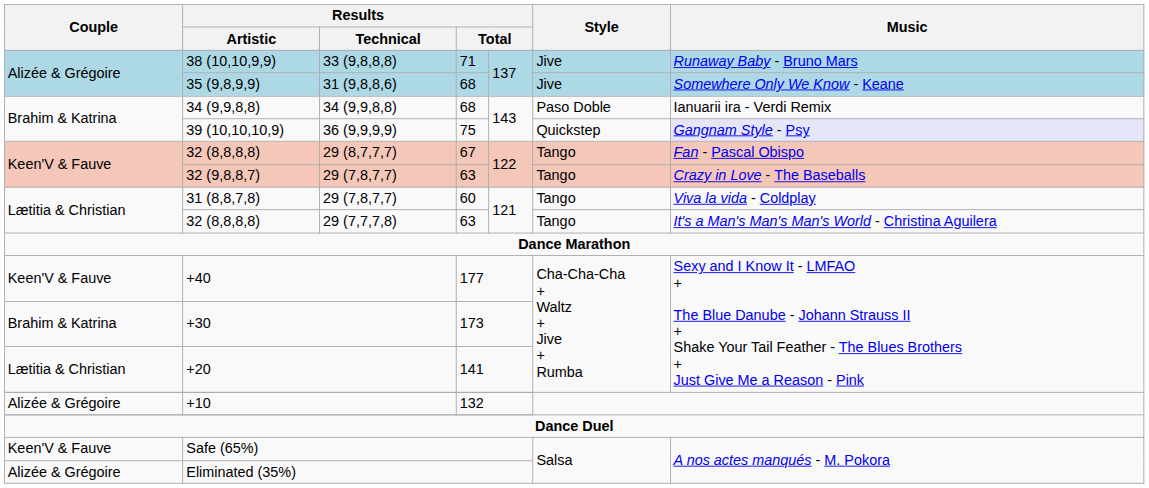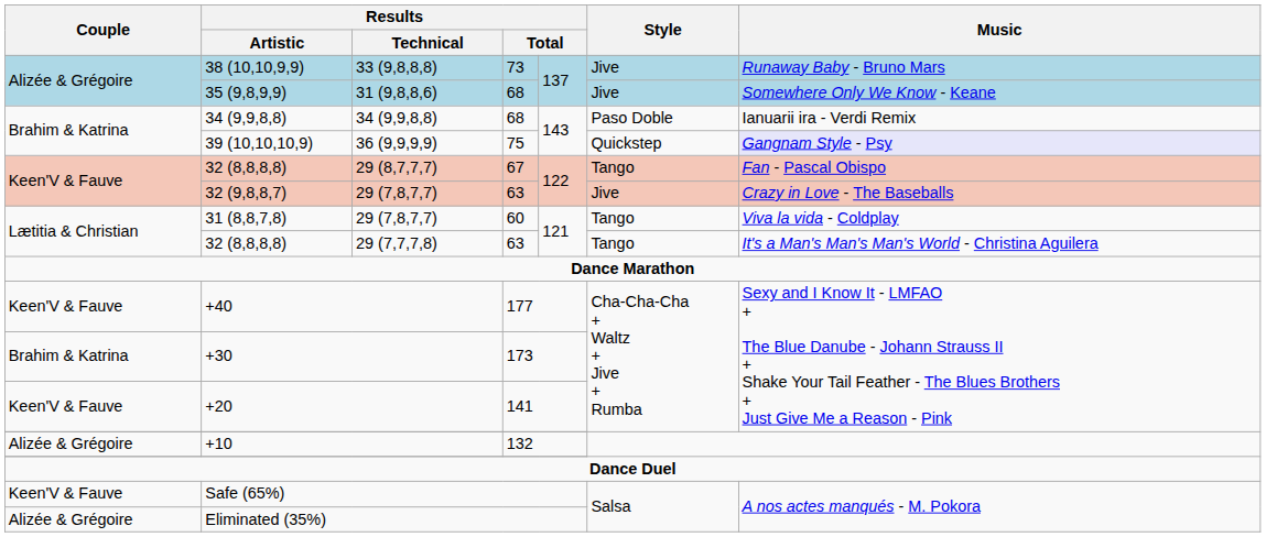 <table class="wikitable" style="width:80%;">
 <tr>
 <th rowspan="2">Couple</th>
 <th colspan=4>Results</th>
 <th rowspan="2">Style</th>
 <th rowspan="2">Music</th>
 </tr>
 <tr>
 <th style="width:12%;">Artistic</th>
 <th style="width:12%;">Technical</th>
 <th colspan="2">Total</th>
 </tr>
 <tr style="background: lightblue">
 <td rowspan="2">Alizée & Grégoire</td>
 <td>38 (10,10,9,9)</td>
 <td>33 (9,8,8,8)</td>
-<td>71</td>
+<td>73</td>
 <td rowspan="2">137</td>
 <td>Jive</td>
 <td><em><a href='#'>Runaway Baby</a></em> - <a href='#'>Bruno Mars</a></td>
 </tr>
 <tr style="background: lightblue">
 <td>35 (9,8,9,9)</td>
 <td>31 (9,8,8,6)</td>
 <td>68</td>
 <td>Jive</td>
 <td><em><a href='#'>Somewhere Only We Know</a></em> - <a href='#'>Keane</a></td>
 </tr>
 <tr>
 <td rowspan="2">Brahim & Katrina</td>
 <td>34 (9,9,8,8)</td>
 <td>34 (9,9,8,8)</td>
 <td>68</td>
 <td rowspan="2">143</td>
 <td>Paso Doble</td>
 <td>Ianuarii ira - Verdi  Remix</td>
 </tr>
 <tr>
 <td>39 (10,10,10,9)</td>
 <td>36 (9,9,9,9)</td>
 <td>75</td>
 <td>Quickstep</td>
 <td style="background: lavender;"><em><a href='#'>Gangnam Style</a></em> - <a href='#'>Psy</a></td>
 </tr>
 <tr style="background:#f4c7b8;">
 <td rowspan="2">Keen'V & Fauve</td>
 <td>32 (8,8,8,8)</td>
 <td>29 (8,7,7,7)</td>
 <td>67</td>
 <td rowspan="2">122</td>
 <td>Tango</td>
 <td><em><a href='#'>Fan</a></em> - <a href='#'>Pascal Obispo</a></td>
 </tr>
 <tr style="background:#f4c7b8;">
 <td>32 (9,8,8,7)</td>
 <td>29 (7,8,7,7)</td>
 <td>63</td>
-<td>Tango</td>
+<td>Jive</td>
 <td><em><a href='#'>Crazy in Love</a></em> - <a href='#'>The Baseballs</a></td>
 </tr>
 <tr>
 <td rowspan="2">Lætitia & Christian</td>
 <td>31 (8,8,7,8)</td>
 <td>29 (7,8,7,7)</td>
 <td>60</td>
 <td rowspan="2">121</td>
 <td>Tango</td>
 <td><em><a href='#'>Viva la vida</a></em> - <a href='#'>Coldplay</a></td>
 </tr>
 <tr>
 <td>32 (8,8,8,8)</td>
 <td>29 (7,7,7,8)</td>
 <td>63</td>
 <td>Tango</td>
 <td><em><a href='#'>It's a Man's Man's Man's World</a></em> - <a href='#'>Christina Aguilera</a></td>
 </tr>
 <tr>
 <td colspan=7  style="text-align:center;"><strong>Dance Marathon</strong></td>
 </tr>
 <tr>
 <td>Keen'V & Fauve</td>
 <td colspan="2">+40</td>
 <td colspan="2">177</td>
 <td rowspan=4>Cha-Cha-Cha<br>+<br>Waltz<br>+<br>Jive<br>+<br>Rumba</td>
 <td rowspan="4"><a href='#'>Sexy and I Know It</a> - <a href='#'>LMFAO</a><br>+<br><br><a href='#'>The Blue Danube</a> - <a href='#'>Johann Strauss II</a> <br>+<br>Shake Your Tail Feather - <a href='#'>The Blues Brothers</a> <br>+<br> <a href='#'>Just Give Me a Reason</a> - <a href='#'>Pink</a></td>
 </tr>
 <tr>
 <td>Brahim & Katrina</td>
 <td colspan="2">+30</td>
 <td colspan="2">173</td>
 </tr>
 <tr>
-<td>Lætitia & Christian</td>
+<td>Keen'V & Fauve</td>
 <td colspan="2">+20</td>
 <td colspan="2">141</td>
 </tr>
 <tr>
 </tr>
 <tr>
 <td>Alizée & Grégoire</td>
 <td colspan="2">+10</td>
 <td colspan="2">132</td>
 </tr>
 <tr>
 </tr>
 <tr>
 <td colspan=7  style="text-align:center;"><strong>Dance Duel</strong></td>
 </tr>
 <tr>
 <td>Keen'V & Fauve</td>
 <td colspan=4>Safe (65%)</td>
 <td rowspan=2>Salsa</td>
 <td rowspan=2><em><a href='#'>A nos actes manqués</a></em> - <a href='#'>M. Pokora</a></td>
 </tr>
 <tr>
 <td>Alizée & Grégoire</td>
 <td colspan=4>Eliminated (35%)</td>
 </tr>
 </table>
